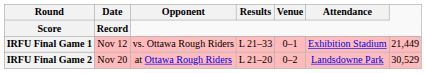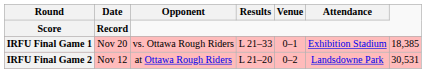 <table class="wikitable" style="text-align:center">
 <tr>
 <th>Round</th>
 <th>Date</th>
 <th>Opponent</th>
 <th>Results</th>
 <th>Venue</th>
 <th>Attendance</th>
 </tr>
 <tr>
 <th>Score</th>
 <th>Record</th>
 </tr>
 <tr style="background:#ffbbbb">
 <th>IRFU Final Game 1</th>
-<td>Nov 12</td>
+<td>Nov 20</td>
 <td>vs. Ottawa Rough Riders</td>
 <td>L 21–33</td>
 <td>0–1</td>
 <td><a href='#'>Exhibition Stadium</a></td>
-<td>21,449</td>
+<td>18,385</td>
 </tr>
 <tr style="background:#ffbbbb">
 <th>IRFU Final Game 2</th>
-<td>Nov 20</td>
+<td>Nov 12</td>
 <td>at <a href='#'>Ottawa Rough Riders</a></td>
 <td>L 21–20</td>
 <td>0–2</td>
 <td><a href='#'>Landsdowne Park</a></td>
-<td>30,529</td>
+<td>30,531</td>
 </tr>
 </table>
